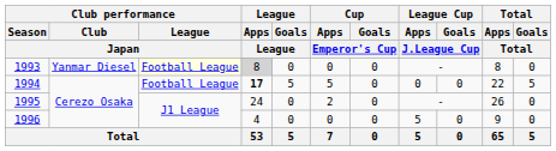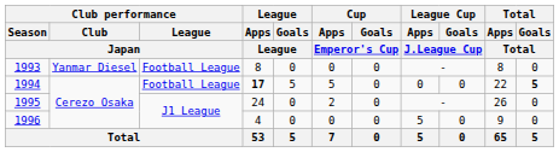 <table class="wikitable" style="text-align:center;">
 <tr>
 <th colspan=3>Club performance</th>
 <th colspan=2>League</th>
 <th colspan=2>Cup</th>
 <th colspan=2>League Cup</th>
 <th colspan=2>Total</th>
 </tr>
 <tr>
 <th>Season</th>
 <th>Club</th>
 <th>League</th>
 <th>Apps</th>
 <th>Goals</th>
 <th>Apps</th>
 <th>Goals</th>
 <th>Apps</th>
 <th>Goals</th>
 <th>Apps</th>
 <th>Goals</th>
 </tr>
 <tr>
 <th colspan=3>Japan</th>
 <th colspan=2>League</th>
 <th colspan=2><a href='#'>Emperor's Cup</a></th>
 <th colspan=2><a href='#'>J.League Cup</a></th>
 <th colspan=2>Total</th>
 </tr>
 <tr>
 <td><a href='#'>1993</a></td>
 <td><a href='#'>Yanmar Diesel</a></td>
-<td style="background: lightyellow;"><a href='#'>Football League</a></td>
-<td style="background: lightgrey;">8</td>
+<td><a href='#'>Football League</a></td>
+<td>8</td>
 <td>0</td>
 <td>0</td>
 <td>0</td>
 <td colspan=2>-</td>
 <td>8</td>
 <td>0</td>
 </tr>
 <tr>
 <td><a href='#'>1994</a></td>
 <td rowspan=3><a href='#'>Cerezo Osaka</a></td>
 <td><a href='#'>Football League</a></td>
 <td><strong>17</strong></td>
 <td>5</td>
 <td>5</td>
 <td>0</td>
 <td>0</td>
 <td>0</td>
 <td>22</td>
-<td>5</td>
+<td><strong>5</strong></td>
 </tr>
 <tr>
 <td><a href='#'>1995</a></td>
 <td rowspan=2><a href='#'>J1 League</a></td>
 <td>24</td>
 <td>0</td>
 <td>2</td>
 <td>0</td>
 <td colspan=2>-</td>
 <td>26</td>
 <td>0</td>
 </tr>
 <tr>
 <td><a href='#'>1996</a></td>
 <td>4</td>
 <td>0</td>
 <td>0</td>
 <td>0</td>
 <td>5</td>
 <td>0</td>
 <td>9</td>
 <td>0</td>
 </tr>
 <tr>
 <th colspan=3>Total</th>
 <th>53</th>
 <th>5</th>
 <th>7</th>
 <th>0</th>
 <th>5</th>
 <th>0</th>
 <th>65</th>
 <th>5</th>
 </tr>
 </table>
